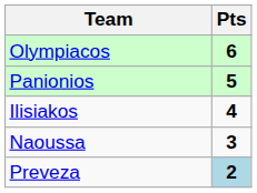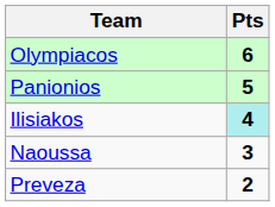 <table class="wikitable" style="text-align: center;">
 <tr>
 <th width=165>Team</th>
 <th width=20>Pts</th>
 </tr>
 <tr bgcolor="#ccffcc">
 <td align=left><a href='#'>Olympiacos</a></td>
 <td><strong>6</strong></td>
 </tr>
 <tr bgcolor="#ccffcc">
 <td align=left><a href='#'>Panionios</a></td>
 <td><strong>5</strong></td>
 </tr>
 <tr>
 <td align=left><a href='#'>Ilisiakos</a></td>
-<td><strong>4</strong></td>
+<td style="background: paleturquoise;"><strong>4</strong></td>
 </tr>
 <tr>
 <td align=left><a href='#'>Naoussa</a></td>
 <td><strong>3</strong></td>
 </tr>
 <tr>
 <td align=left><a href='#'>Preveza</a></td>
-<td style="background: lightblue;"><strong>2</strong></td>
+<td><strong>2</strong></td>
 </tr>
 </table>
